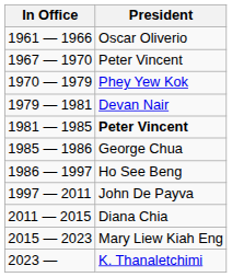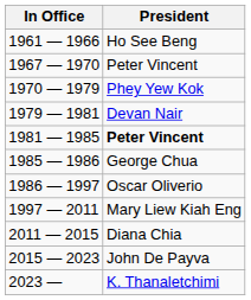 <table class="wikitable">
 <tr>
 <th>In Office</th>
 <th>President</th>
 </tr>
 <tr>
 <td>1961 — 1966</td>
-<td>Oscar Oliverio</td>
+<td>Ho See Beng</td>
 </tr>
 <tr>
 <td>1967 — 1970</td>
 <td>Peter Vincent</td>
 </tr>
 <tr>
 <td>1970 — 1979</td>
 <td><a href='#'>Phey Yew Kok</a></td>
 </tr>
 <tr>
 <td>1979 — 1981</td>
 <td><a href='#'>Devan Nair</a></td>
 </tr>
 <tr>
 <td>1981 — 1985</td>
 <td><strong>Peter Vincent</strong></td>
 </tr>
 <tr>
 <td>1985 — 1986</td>
 <td>George Chua</td>
 </tr>
 <tr>
 <td>1986 — 1997</td>
-<td>Ho See Beng</td>
+<td>Oscar Oliverio</td>
 </tr>
 <tr>
 <td>1997 — 2011</td>
-<td>John De Payva</td>
+<td>Mary Liew Kiah Eng</td>
 </tr>
 <tr>
 <td>2011 — 2015</td>
 <td>Diana Chia</td>
 </tr>
 <tr>
 <td>2015 — 2023</td>
-<td>Mary Liew Kiah Eng</td>
+<td>John De Payva</td>
 </tr>
 <tr>
 <td>2023 —</td>
 <td><a href='#'>K. Thanaletchimi</a></td>
 </tr>
 </table>
